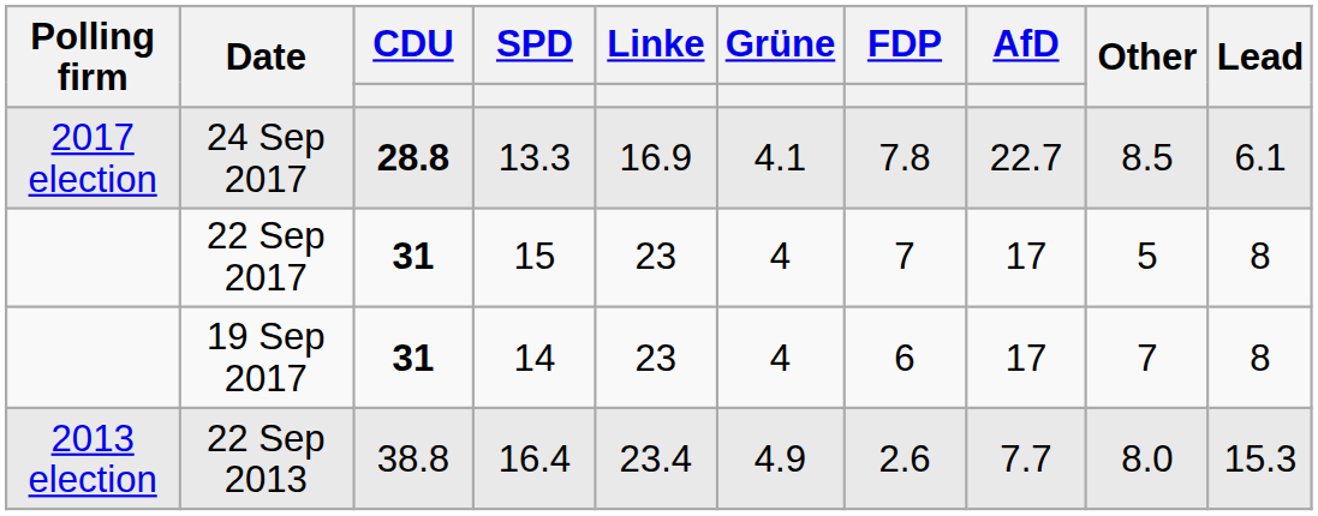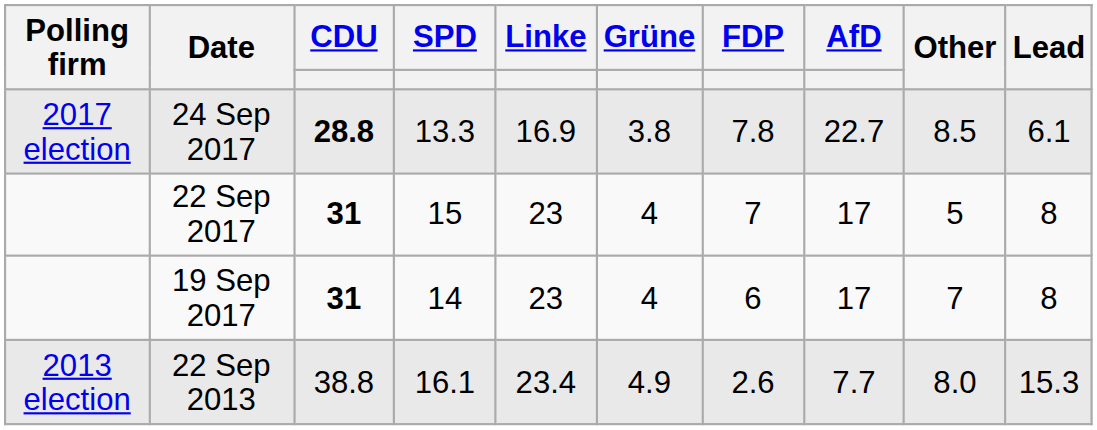 <table class="wikitable sortable" style="text-align:center; font-size:90%; line-height:16px;">
 <tr>
 <th style="width:60px;" rowspan="2">Polling firm</th>
 <th style="width:60px;" rowspan="2">Date</th>
 <th style="width:40px;" class="unsortable"><a href='#'>CDU</a></th>
 <th style="width:40px;" class="unsortable"><a href='#'>SPD</a></th>
 <th style="width:40px;" class="unsortable"><a href='#'>Linke</a></th>
 <th style="width:40px;" class="unsortable"><a href='#'>Grüne</a></th>
 <th style="width:40px;" class="unsortable"><a href='#'>FDP</a></th>
 <th style="width:40px;" class="unsortable"><a href='#'>AfD</a></th>
 <th style="width:40px;" rowspan="2" class="unsortable">Other</th>
 <th style="width:30px;" rowspan="2" class="unsortable">Lead</th>
 </tr>
 <tr>
 <th style="color:inherit;background:"></th>
 <th style="color:inherit;background:"></th>
 <th style="color:inherit;background:"></th>
 <th style="color:inherit;background:"></th>
 <th style="color:inherit;background:"></th>
 <th style="color:inherit;background:"></th>
 </tr>
 <tr style="background-color:#E9E9E9">
 <td><a href='#'>2017 election</a></td>
 <td>24 Sep 2017</td>
 <td><strong>28.8</strong></td>
 <td>13.3</td>
 <td>16.9</td>
-<td>4.1</td>
+<td>3.8</td>
 <td>7.8</td>
 <td>22.7</td>
 <td>8.5</td>
 <td style="background:">6.1</td>
 </tr>
 <tr>
 <td></td>
 <td>22 Sep 2017</td>
 <td><strong>31</strong></td>
 <td>15</td>
 <td>23</td>
 <td>4</td>
 <td>7</td>
 <td>17</td>
 <td>5</td>
 <td style="background:">8</td>
 </tr>
 <tr>
 <td></td>
 <td>19 Sep 2017</td>
 <td><strong>31</strong></td>
 <td>14</td>
 <td>23</td>
 <td>4</td>
 <td>6</td>
 <td>17</td>
 <td>7</td>
 <td style="background:">8</td>
 </tr>
 <tr style="background-color:#E9E9E9">
 <td><a href='#'>2013 election</a></td>
 <td>22 Sep 2013</td>
 <td>38.8</td>
-<td>16.4</td>
+<td>16.1</td>
 <td>23.4</td>
 <td>4.9</td>
 <td>2.6</td>
 <td>7.7</td>
 <td>8.0</td>
 <td style="background:">15.3</td>
 </tr>
 </table>
